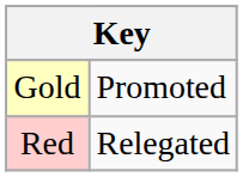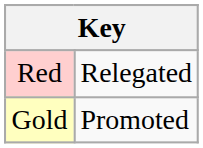 <table class="wikitable" style="font-size:85%">
 <tr>
 <th colspan=2>Key</th>
 </tr>
 <tr>
+<td bgcolor="#ffcfcf" style="text-align: center;">Red</td>
+<td>Relegated</td>
+</tr>
+<tr>
 <td bgcolor="#ffffbf" style="text-align: center;">Gold</td>
 <td>Promoted</td>
 </tr>
-<tr>
-<td bgcolor="#ffcfcf" style="text-align: center;">Red</td>
-<td>Relegated</td>
-</tr>
 </table>
